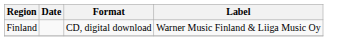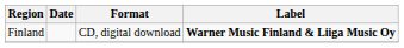 <table class=wikitable>
 <tr>
 <th>Region</th>
 <th>Date</th>
 <th>Format</th>
 <th>Label</th>
 </tr>
 <tr>
 <td>Finland</td>
 <td></td>
 <td>CD, digital download</td>
-<td>Warner Music Finland & Liiga Music Oy</td>
+<td><strong>Warner Music Finland & Liiga Music Oy</strong></td>
 </tr>
 <tr>
 </tr>
 </table>
